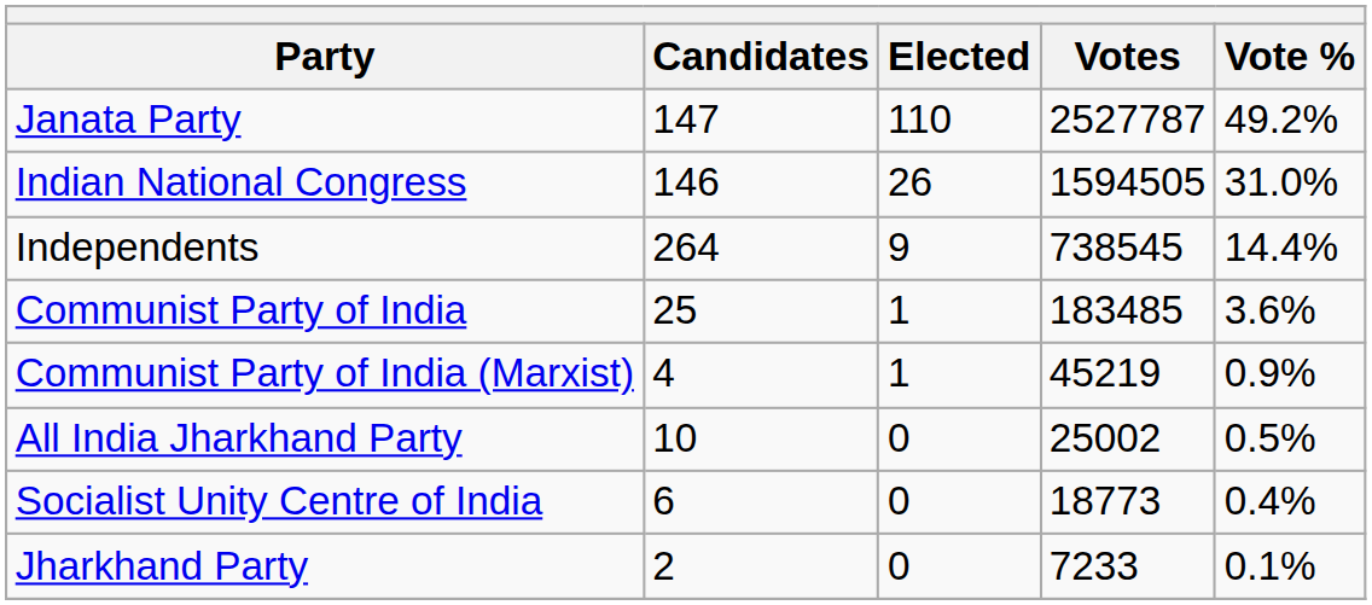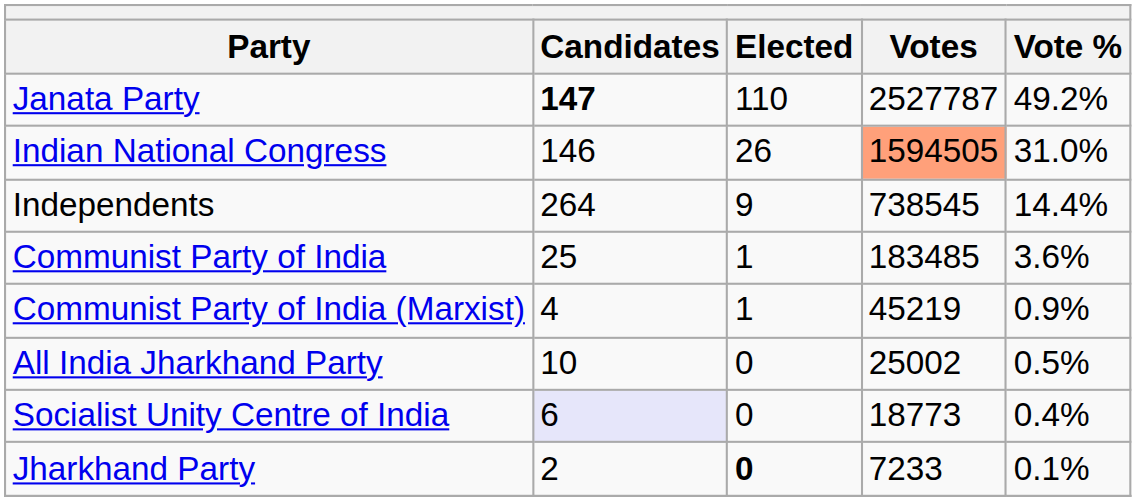 <table class="wikitable sortable">
 <tr>
 <th colspan=10></th>
 </tr>
 <tr>
 <th>Party</th>
 <th>Candidates</th>
 <th>Elected</th>
 <th>Votes</th>
 <th>Vote %</th>
 </tr>
 <tr>
 <td><a href='#'>Janata Party</a></td>
-<td>147</td>
+<td><strong>147</strong></td>
 <td>110</td>
 <td>2527787</td>
 <td>49.2%</td>
 </tr>
 <tr>
 <td><a href='#'>Indian National Congress</a></td>
 <td>146</td>
 <td>26</td>
-<td>1594505</td>
+<td style="background: lightsalmon;">1594505</td>
 <td>31.0%</td>
 </tr>
 <tr>
 <td>Independents</td>
 <td>264</td>
 <td>9</td>
 <td>738545</td>
 <td>14.4%</td>
 </tr>
 <tr>
 <td><a href='#'>Communist Party of India</a></td>
 <td>25</td>
 <td>1</td>
 <td>183485</td>
 <td>3.6%</td>
 </tr>
 <tr>
 <td><a href='#'>Communist Party of India (Marxist)</a></td>
 <td>4</td>
 <td>1</td>
 <td>45219</td>
 <td>0.9%</td>
 </tr>
 <tr>
 <td><a href='#'>All India Jharkhand Party</a></td>
 <td>10</td>
 <td>0</td>
 <td>25002</td>
 <td>0.5%</td>
 </tr>
 <tr>
 <td><a href='#'>Socialist Unity Centre of India</a></td>
-<td>6</td>
+<td style="background: lavender;">6</td>
 <td>0</td>
 <td>18773</td>
 <td>0.4%</td>
 </tr>
 <tr>
 <td><a href='#'>Jharkhand Party</a></td>
 <td>2</td>
-<td>0</td>
+<td><strong>0</strong></td>
 <td>7233</td>
 <td>0.1%</td>
 </tr>
 <tr>
 </tr>
 </table>
